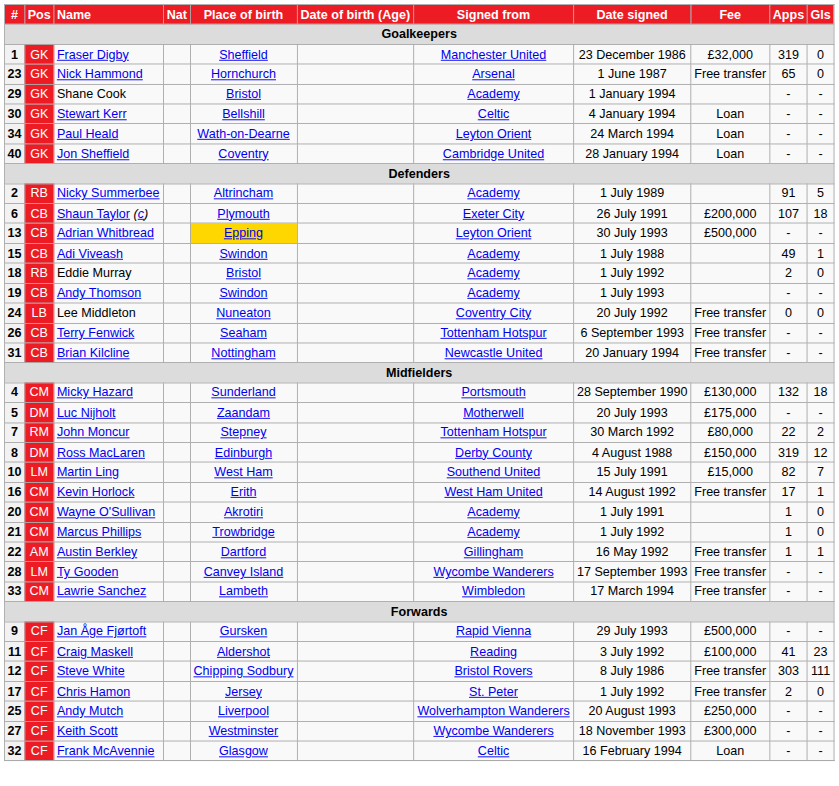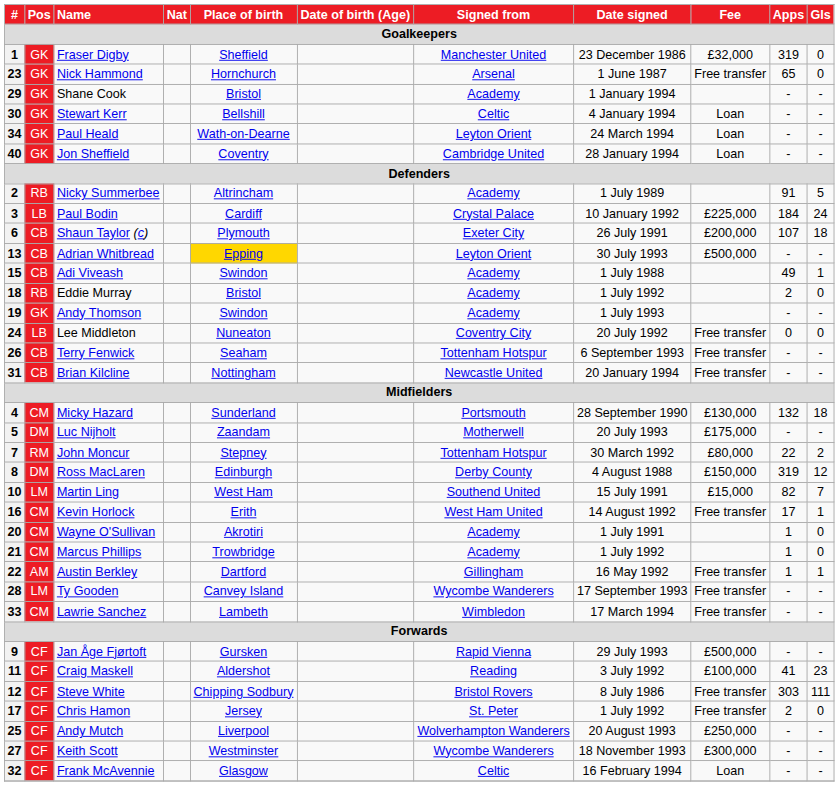 <table class="wikitable sortbale static-row-numbers" style="text-align:center; font-size:84.5%; width:101%;">
 <tr class=static-row-header style=vertical-align:bottom>
 <th style="background:#ED1C24; color:#FFFFFF; text-align:center;">#</th>
 <th style="background:#ED1C24; color:#FFFFFF; text-align:center;"><abbr>Pos</abbr></th>
 <th style="background:#ED1C24; color:#FFFFFF; text-align:left;">Name</th>
 <th style="background:#ED1C24; color:#FFFFFF; text-align:center;"><abbr>Nat</abbr></th>
 <th style="background:#ED1C24; color:#FFFFFF; text-align:center;">Place of birth</th>
 <th style="background:#ED1C24; color:#FFFFFF; text-align:center;">Date of birth (Age)</th>
 <th style="background:#ED1C24; color:#FFFFFF; text-align:center;">Signed from</th>
 <th style="background:#ED1C24; color:#FFFFFF; text-align:center;">Date signed</th>
 <th style="background:#ED1C24; color:#FFFFFF; text-align:center;">Fee</th>
 <th style="background:#ED1C24; color:#FFFFFF; text-align:center;">Apps</th>
 <th style="background:#ED1C24; color:#FFFFFF; text-align:center;">Gls</th>
 </tr>
 <tr>
 <th colspan="11" style="background:#dcdcdc; tepxt-align:center;">Goalkeepers</th>
 </tr>
 <tr>
 <th>1</th>
 <td style="background:#ED1C24; color:#FFFFFF; text-align:center;">GK</td>
 <td style="text-align:left;"><a href='#'>Fraser Digby</a></td>
 <td></td>
 <td><a href='#'>Sheffield</a></td>
 <td></td>
 <td><a href='#'>Manchester United</a></td>
 <td>23 December 1986</td>
 <td>£32,000</td>
 <td>319</td>
 <td>0</td>
 </tr>
 <tr>
 <th>23</th>
 <td style="background:#ED1C24; color:#FFFFFF; text-align:center;">GK</td>
 <td style="text-align:left;"><a href='#'>Nick Hammond</a></td>
 <td></td>
 <td><a href='#'>Hornchurch</a></td>
 <td></td>
 <td><a href='#'>Arsenal</a></td>
 <td>1 June 1987</td>
 <td>Free transfer</td>
 <td>65</td>
 <td>0</td>
 </tr>
 <tr>
 <th>29</th>
 <td style="background:#ED1C24; color:#FFFFFF; text-align:center;">GK</td>
 <td style="text-align:left;">Shane Cook</td>
 <td></td>
 <td><a href='#'>Bristol</a></td>
 <td></td>
 <td><a href='#'>Academy</a></td>
 <td>1 January 1994</td>
 <td></td>
 <td>-</td>
 <td>-</td>
 </tr>
 <tr>
 <th>30</th>
 <td style="background:#ED1C24; color:#FFFFFF; text-align:center;">GK</td>
 <td style="text-align:left;"><a href='#'>Stewart Kerr</a></td>
 <td></td>
 <td><a href='#'>Bellshill</a></td>
 <td></td>
 <td> <a href='#'>Celtic</a></td>
 <td>4 January 1994</td>
 <td>Loan</td>
 <td>-</td>
 <td>-</td>
 </tr>
 <tr>
 <th>34</th>
 <td style="background:#ED1C24; color:#FFFFFF; text-align:center;">GK</td>
 <td style="text-align:left;"><a href='#'>Paul Heald</a></td>
 <td></td>
 <td><a href='#'>Wath-on-Dearne</a></td>
 <td></td>
 <td><a href='#'>Leyton Orient</a></td>
 <td>24 March 1994</td>
 <td>Loan</td>
 <td>-</td>
 <td>-</td>
 </tr>
 <tr>
 <th>40</th>
 <td style="background:#ED1C24; color:#FFFFFF; text-align:center;">GK</td>
 <td style="text-align:left;"><a href='#'>Jon Sheffield</a></td>
 <td></td>
 <td><a href='#'>Coventry</a></td>
 <td></td>
 <td><a href='#'>Cambridge United</a></td>
 <td>28 January 1994</td>
 <td>Loan</td>
 <td>-</td>
 <td>-</td>
 </tr>
 <tr>
 <th colspan="11" style="background:#dcdcdc; tepxt-align:center;">Defenders</th>
 </tr>
 <tr>
 <th>2</th>
 <td style="background:#ED1C24; color:#FFFFFF; text-align:center;">RB</td>
 <td style="text-align:left;"><a href='#'>Nicky Summerbee</a></td>
 <td></td>
 <td><a href='#'>Altrincham</a></td>
 <td></td>
 <td><a href='#'>Academy</a></td>
 <td>1 July 1989</td>
 <td></td>
 <td>91</td>
 <td>5</td>
 </tr>
 <tr>
+<th>3</th>
+<td style="background:#ED1C24; color:#FFFFFF; text-align:center;">LB</td>
+<td style="text-align:left;"><a href='#'>Paul Bodin</a></td>
+<td></td>
+<td><a href='#'>Cardiff</a></td>
+<td></td>
+<td><a href='#'>Crystal Palace</a></td>
+<td>10 January 1992</td>
+<td>£225,000</td>
+<td>184</td>
+<td>24</td>
+</tr>
+<tr>
 <th>6</th>
 <td style="background:#ED1C24; color:#FFFFFF; text-align:center;">CB</td>
 <td style="text-align:left;"><a href='#'>Shaun Taylor</a>  <em>(<a href='#'>c</a>)</em></td>
 <td></td>
 <td><a href='#'>Plymouth</a></td>
 <td></td>
 <td><a href='#'>Exeter City</a></td>
 <td>26 July 1991</td>
 <td>£200,000</td>
 <td>107</td>
 <td>18</td>
 </tr>
 <tr>
 <th>13</th>
 <td style="background:#ED1C24; color:#FFFFFF; text-align:center;">CB</td>
 <td style="text-align:left;"><a href='#'>Adrian Whitbread</a></td>
 <td></td>
 <td style="background: gold;"><a href='#'>Epping</a></td>
 <td></td>
 <td><a href='#'>Leyton Orient</a></td>
 <td>30 July 1993</td>
 <td>£500,000</td>
 <td>-</td>
 <td>-</td>
 </tr>
 <tr>
 <th>15</th>
 <td style="background:#ED1C24; color:#FFFFFF; text-align:center;">CB</td>
 <td style="text-align:left;"><a href='#'>Adi Viveash</a></td>
 <td></td>
 <td><a href='#'>Swindon</a></td>
 <td></td>
 <td><a href='#'>Academy</a></td>
 <td>1 July 1988</td>
 <td></td>
 <td>49</td>
 <td>1</td>
 </tr>
 <tr>
 <th>18</th>
 <td style="background:#ED1C24; color:#FFFFFF; text-align:center;">RB</td>
 <td style="text-align:left;">Eddie Murray</td>
 <td></td>
 <td><a href='#'>Bristol</a></td>
 <td></td>
 <td><a href='#'>Academy</a></td>
 <td>1 July 1992</td>
 <td></td>
 <td>2</td>
 <td>0</td>
 </tr>
 <tr>
 <th>19</th>
-<td style="background:#ED1C24; color:#FFFFFF; text-align:center;">CB</td>
+<td style="background:#ED1C24; color:#FFFFFF; text-align:center;">GK</td>
 <td style="text-align:left;"><a href='#'>Andy Thomson</a></td>
 <td></td>
 <td><a href='#'>Swindon</a></td>
 <td></td>
 <td><a href='#'>Academy</a></td>
 <td>1 July 1993</td>
 <td></td>
 <td>-</td>
 <td>-</td>
 </tr>
 <tr>
 <th>24</th>
 <td style="background:#ED1C24; color:#FFFFFF; text-align:center;">LB</td>
 <td style="text-align:left;">Lee Middleton</td>
 <td></td>
 <td><a href='#'>Nuneaton</a></td>
 <td></td>
 <td><a href='#'>Coventry City</a></td>
 <td>20 July 1992</td>
 <td>Free transfer</td>
 <td>0</td>
 <td>0</td>
 </tr>
 <tr>
 <th>26</th>
 <td style="background:#ED1C24; color:#FFFFFF; text-align:center;">CB</td>
 <td style="text-align:left;"><a href='#'>Terry Fenwick</a></td>
 <td></td>
 <td><a href='#'>Seaham</a></td>
 <td></td>
 <td><a href='#'>Tottenham Hotspur</a></td>
 <td>6 September 1993</td>
 <td>Free transfer</td>
 <td>-</td>
 <td>-</td>
 </tr>
 <tr>
 <th>31</th>
 <td style="background:#ED1C24; color:#FFFFFF; text-align:center;">CB</td>
 <td style="text-align:left;"><a href='#'>Brian Kilcline</a></td>
 <td></td>
 <td><a href='#'>Nottingham</a></td>
 <td></td>
 <td><a href='#'>Newcastle United</a></td>
 <td>20 January 1994</td>
 <td>Free transfer</td>
 <td>-</td>
 <td>-</td>
 </tr>
 <tr>
 <th colspan="11" style="background:#dcdcdc; tepxt-align:center;">Midfielders</th>
 </tr>
 <tr>
 <th>4</th>
 <td style="background:#ED1C24; color:#FFFFFF; text-align:center;">CM</td>
 <td style="text-align:left;"><a href='#'>Micky Hazard</a></td>
 <td></td>
 <td><a href='#'>Sunderland</a></td>
 <td></td>
 <td><a href='#'>Portsmouth</a></td>
 <td>28 September 1990</td>
 <td>£130,000</td>
 <td>132</td>
 <td>18</td>
 </tr>
 <tr>
 <th>5</th>
 <td style="background:#ED1C24; color:#FFFFFF; text-align:center;">DM</td>
 <td style="text-align:left;"><a href='#'>Luc Nijholt</a></td>
 <td></td>
 <td><a href='#'>Zaandam</a></td>
 <td></td>
 <td> <a href='#'>Motherwell</a></td>
 <td>20 July 1993</td>
 <td>£175,000</td>
 <td>-</td>
 <td>-</td>
 </tr>
 <tr>
 <th>7</th>
 <td style="background:#ED1C24; color:#FFFFFF; text-align:center;">RM</td>
 <td style="text-align:left;"><a href='#'>John Moncur</a></td>
 <td></td>
 <td><a href='#'>Stepney</a></td>
 <td></td>
 <td><a href='#'>Tottenham Hotspur</a></td>
 <td>30 March 1992</td>
 <td>£80,000</td>
 <td>22</td>
 <td>2</td>
 </tr>
 <tr>
 <th>8</th>
 <td style="background:#ED1C24; color:#FFFFFF; text-align:center;">DM</td>
 <td style="text-align:left;"><a href='#'>Ross MacLaren</a></td>
 <td></td>
 <td><a href='#'>Edinburgh</a></td>
 <td></td>
 <td><a href='#'>Derby County</a></td>
 <td>4 August 1988</td>
 <td>£150,000</td>
 <td>319</td>
 <td>12</td>
 </tr>
 <tr>
 <th>10</th>
 <td style="background:#ED1C24; color:#FFFFFF; text-align:center;">LM</td>
 <td style="text-align:left;"><a href='#'>Martin Ling</a></td>
 <td></td>
 <td><a href='#'>West Ham</a></td>
 <td></td>
 <td><a href='#'>Southend United</a></td>
 <td>15 July 1991</td>
 <td>£15,000</td>
 <td>82</td>
 <td>7</td>
 </tr>
 <tr>
 <th>16</th>
 <td style="background:#ED1C24; color:#FFFFFF; text-align:center;">CM</td>
 <td style="text-align:left;"><a href='#'>Kevin Horlock</a></td>
 <td></td>
 <td> <a href='#'>Erith</a></td>
 <td></td>
 <td><a href='#'>West Ham United</a></td>
 <td>14 August 1992</td>
 <td>Free transfer</td>
 <td>17</td>
 <td>1</td>
 </tr>
 <tr>
 <th>20</th>
 <td style="background:#ED1C24; color:#FFFFFF; text-align:center;">CM</td>
 <td style="text-align:left;"><a href='#'>Wayne O'Sullivan</a></td>
 <td></td>
 <td> <a href='#'>Akrotiri</a></td>
 <td></td>
 <td><a href='#'>Academy</a></td>
 <td>1 July 1991</td>
 <td></td>
 <td>1</td>
 <td>0</td>
 </tr>
 <tr>
 <th>21</th>
 <td style="background:#ED1C24; color:#FFFFFF; text-align:center;">CM</td>
 <td style="text-align:left;"><a href='#'>Marcus Phillips</a></td>
 <td></td>
 <td><a href='#'>Trowbridge</a></td>
 <td></td>
 <td><a href='#'>Academy</a></td>
 <td>1 July 1992</td>
 <td></td>
 <td>1</td>
 <td>0</td>
 </tr>
 <tr>
 <th>22</th>
 <td style="background:#ED1C24; color:#FFFFFF; text-align:center;">AM</td>
 <td style="text-align:left;"><a href='#'>Austin Berkley</a></td>
 <td></td>
 <td><a href='#'>Dartford</a></td>
 <td></td>
 <td><a href='#'>Gillingham</a></td>
 <td>16 May 1992</td>
 <td>Free transfer</td>
 <td>1</td>
 <td>1</td>
 </tr>
 <tr>
 <th>28</th>
 <td style="background:#ED1C24; color:#FFFFFF; text-align:center;">LM</td>
 <td style="text-align:left;"><a href='#'>Ty Gooden</a></td>
 <td></td>
 <td><a href='#'>Canvey Island</a></td>
 <td></td>
 <td><a href='#'>Wycombe Wanderers</a></td>
 <td>17 September 1993</td>
 <td>Free transfer</td>
 <td>-</td>
 <td>-</td>
 </tr>
 <tr>
 <th>33</th>
 <td style="background:#ED1C24; color:#FFFFFF; text-align:center;">CM</td>
 <td style="text-align:left;"><a href='#'>Lawrie Sanchez</a></td>
 <td></td>
 <td>  <a href='#'>Lambeth</a></td>
 <td></td>
 <td><a href='#'>Wimbledon</a></td>
 <td>17 March 1994</td>
 <td>Free transfer</td>
 <td>-</td>
 <td>-</td>
 </tr>
 <tr>
 <th colspan="11" style="background:#dcdcdc; tepxt-align:center;">Forwards</th>
 </tr>
 <tr>
 <th>9</th>
 <td style="background:#ED1C24; color:#FFFFFF; text-align:center;">CF</td>
 <td style="text-align:left;"><a href='#'>Jan Åge Fjørtoft</a></td>
 <td></td>
 <td><a href='#'>Gursken</a></td>
 <td></td>
 <td><a href='#'>Rapid Vienna</a></td>
 <td>29 July 1993</td>
 <td>£500,000</td>
 <td>-</td>
 <td>-</td>
 </tr>
 <tr>
 <th>11</th>
 <td style="background:#ED1C24; color:#FFFFFF; text-align:center;">CF</td>
 <td style="text-align:left;"><a href='#'>Craig Maskell</a></td>
 <td></td>
 <td><a href='#'>Aldershot</a></td>
 <td></td>
 <td><a href='#'>Reading</a></td>
 <td>3 July 1992</td>
 <td>£100,000</td>
 <td>41</td>
 <td>23</td>
 </tr>
 <tr>
 <th>12</th>
 <td style="background:#ED1C24; color:#FFFFFF; text-align:center;">CF</td>
 <td style="text-align:left;"><a href='#'>Steve White</a></td>
 <td></td>
 <td><a href='#'>Chipping Sodbury</a></td>
 <td></td>
 <td><a href='#'>Bristol Rovers</a></td>
 <td>8 July 1986</td>
 <td>Free transfer</td>
 <td>303</td>
 <td>111</td>
 </tr>
 <tr>
 <th>17</th>
 <td style="background:#ED1C24; color:#FFFFFF; text-align:center;">CF</td>
 <td style="text-align:left;"><a href='#'>Chris Hamon</a></td>
 <td></td>
 <td> <a href='#'>Jersey</a></td>
 <td></td>
 <td> <a href='#'>St. Peter</a></td>
 <td>1 July 1992</td>
 <td>Free transfer</td>
 <td>2</td>
 <td>0</td>
 </tr>
 <tr>
 <th>25</th>
 <td style="background:#ED1C24; color:#FFFFFF; text-align:center;">CF</td>
 <td style="text-align:left;"><a href='#'>Andy Mutch</a></td>
 <td></td>
 <td><a href='#'>Liverpool</a></td>
 <td></td>
 <td><a href='#'>Wolverhampton Wanderers</a></td>
 <td>20 August 1993</td>
 <td>£250,000</td>
 <td>-</td>
 <td>-</td>
 </tr>
 <tr>
 <th>27</th>
 <td style="background:#ED1C24; color:#FFFFFF; text-align:center;">CF</td>
 <td style="text-align:left;"><a href='#'>Keith Scott</a></td>
 <td></td>
 <td><a href='#'>Westminster</a></td>
 <td></td>
 <td><a href='#'>Wycombe Wanderers</a></td>
 <td>18 November 1993</td>
 <td>£300,000</td>
 <td>-</td>
 <td>-</td>
 </tr>
 <tr>
 <th>32</th>
 <td style="background:#ED1C24; color:#FFFFFF; text-align:center;">CF</td>
 <td style="text-align:left;"><a href='#'>Frank McAvennie</a></td>
 <td></td>
 <td><a href='#'>Glasgow</a></td>
 <td></td>
 <td><a href='#'>Celtic</a></td>
 <td>16 February 1994</td>
 <td>Loan</td>
 <td>-</td>
 <td>-</td>
 </tr>
 <tr>
 </tr>
 </table>
